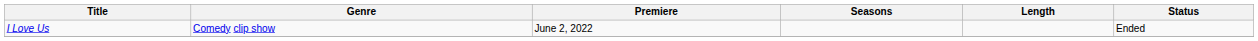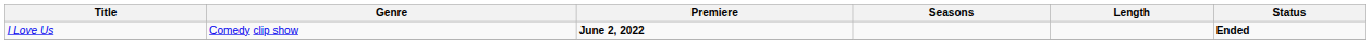 <table class="wikitable sortable" style="width:100%;">
 <tr>
 <th>Title</th>
 <th>Genre</th>
 <th>Premiere</th>
 <th>Seasons</th>
 <th>Length</th>
 <th>Status</th>
 </tr>
 <tr>
 <td><em><a href='#'>I Love Us</a></em></td>
 <td><a href='#'>Comedy</a> <a href='#'>clip show</a></td>
-<td>June 2, 2022</td>
+<td><strong>June 2, 2022</strong></td>
 <td></td>
 <td></td>
-<td>Ended</td>
+<td><strong>Ended</strong></td>
 </tr>
 <tr>
 </tr>
 </table>
